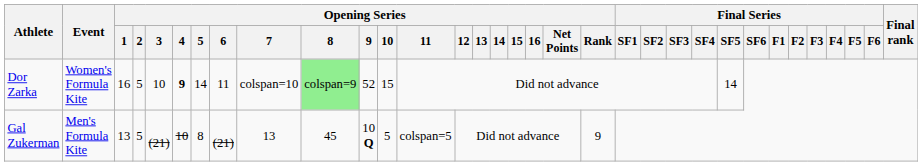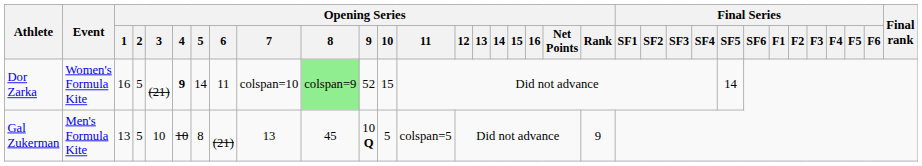 <table class="wikitable" style="font-size:90%">
 <tr>
 <th rowspan="2">Athlete</th>
 <th rowspan="2">Event</th>
 <th colspan=18>Opening Series</th>
 <th colspan=12>Final Series</th>
 <th rowspan=2>Final rank</th>
 </tr>
 <tr style="font-size:95%">
 <th>1</th>
 <th>2</th>
 <th>3</th>
 <th>4</th>
 <th>5</th>
 <th>6</th>
 <th>7</th>
 <th>8</th>
 <th>9</th>
 <th>10</th>
 <th>11</th>
 <th>12</th>
 <th>13</th>
 <th>14</th>
 <th>15</th>
 <th>16</th>
 <th>Net Points</th>
 <th>Rank</th>
 <th>SF1</th>
 <th>SF2</th>
 <th>SF3</th>
 <th>SF4</th>
 <th>SF5</th>
 <th>SF6</th>
 <th>F1</th>
 <th>F2</th>
 <th>F3</th>
 <th>F4</th>
 <th>F5</th>
 <th>F6</th>
 </tr>
 <tr align=center>
 <td align=left><a href='#'>Dor Zarka</a></td>
 <td align=left><a href='#'>Women's Formula Kite</a></td>
 <td>16</td>
 <td>5</td>
-<td>10</td>
+<td><br><s>(21)</s></td>
 <td><strong>9</strong></td>
 <td>14</td>
 <td>11</td>
 <td>colspan=10 </td>
 <td style="background: lightgreen;">colspan=9 </td>
 <td>52</td>
 <td>15</td>
 <td colspan=12>Did not advance</td>
 <td>14</td>
 </tr>
 <tr align=center>
 <td align=left><a href='#'>Gal Zukerman</a></td>
 <td align=left><a href='#'>Men's Formula Kite</a></td>
 <td>13</td>
 <td>5</td>
-<td><br><s>(21)</s></td>
+<td>10</td>
 <td><s>10</s></td>
 <td>8</td>
 <td><br><s>(21)</s></td>
 <td>13</td>
 <td>45</td>
 <td>10 <strong>Q</strong></td>
 <td>5</td>
 <td>colspan=5 </td>
 <td colspan=6>Did not advance</td>
 <td>9</td>
 </tr>
 </table>
